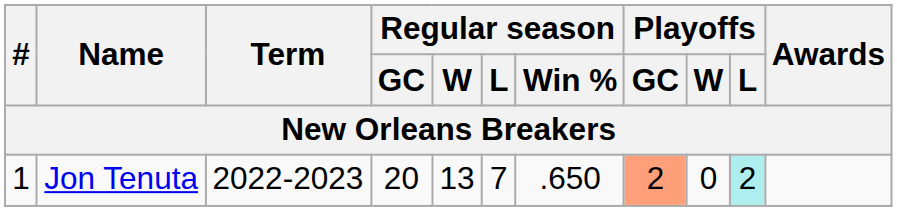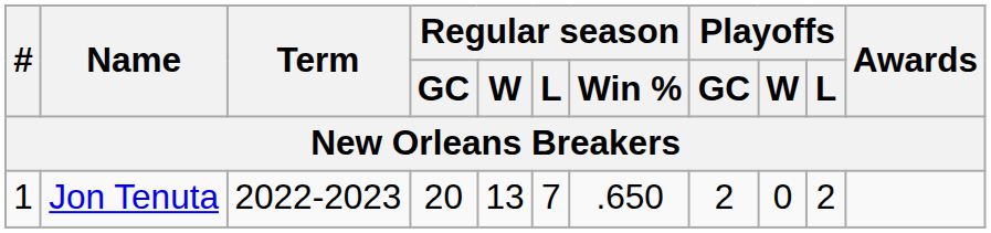 <table class="wikitable" style="text-align:center">
 <tr>
 <th rowspan="2">#</th>
 <th rowspan="2">Name</th>
 <th rowspan="2">Term</th>
 <th colspan="4">Regular season</th>
 <th colspan="3">Playoffs</th>
 <th rowspan="2">Awards</th>
 </tr>
 <tr>
 <th>GC</th>
 <th>W</th>
 <th>L</th>
 <th>Win %</th>
 <th>GC</th>
 <th>W</th>
 <th>L</th>
 </tr>
 <tr>
 <th colspan="11">New Orleans Breakers</th>
 </tr>
 <tr>
 <td>1</td>
 <td><a href='#'>Jon Tenuta</a></td>
 <td>2022-2023</td>
 <td>20</td>
 <td>13</td>
 <td>7</td>
 <td>.650</td>
-<td style="background: lightsalmon;">2</td>
+<td>2</td>
 <td>0</td>
-<td style="background: paleturquoise;">2</td>
+<td>2</td>
 <td></td>
 </tr>
 </table>
